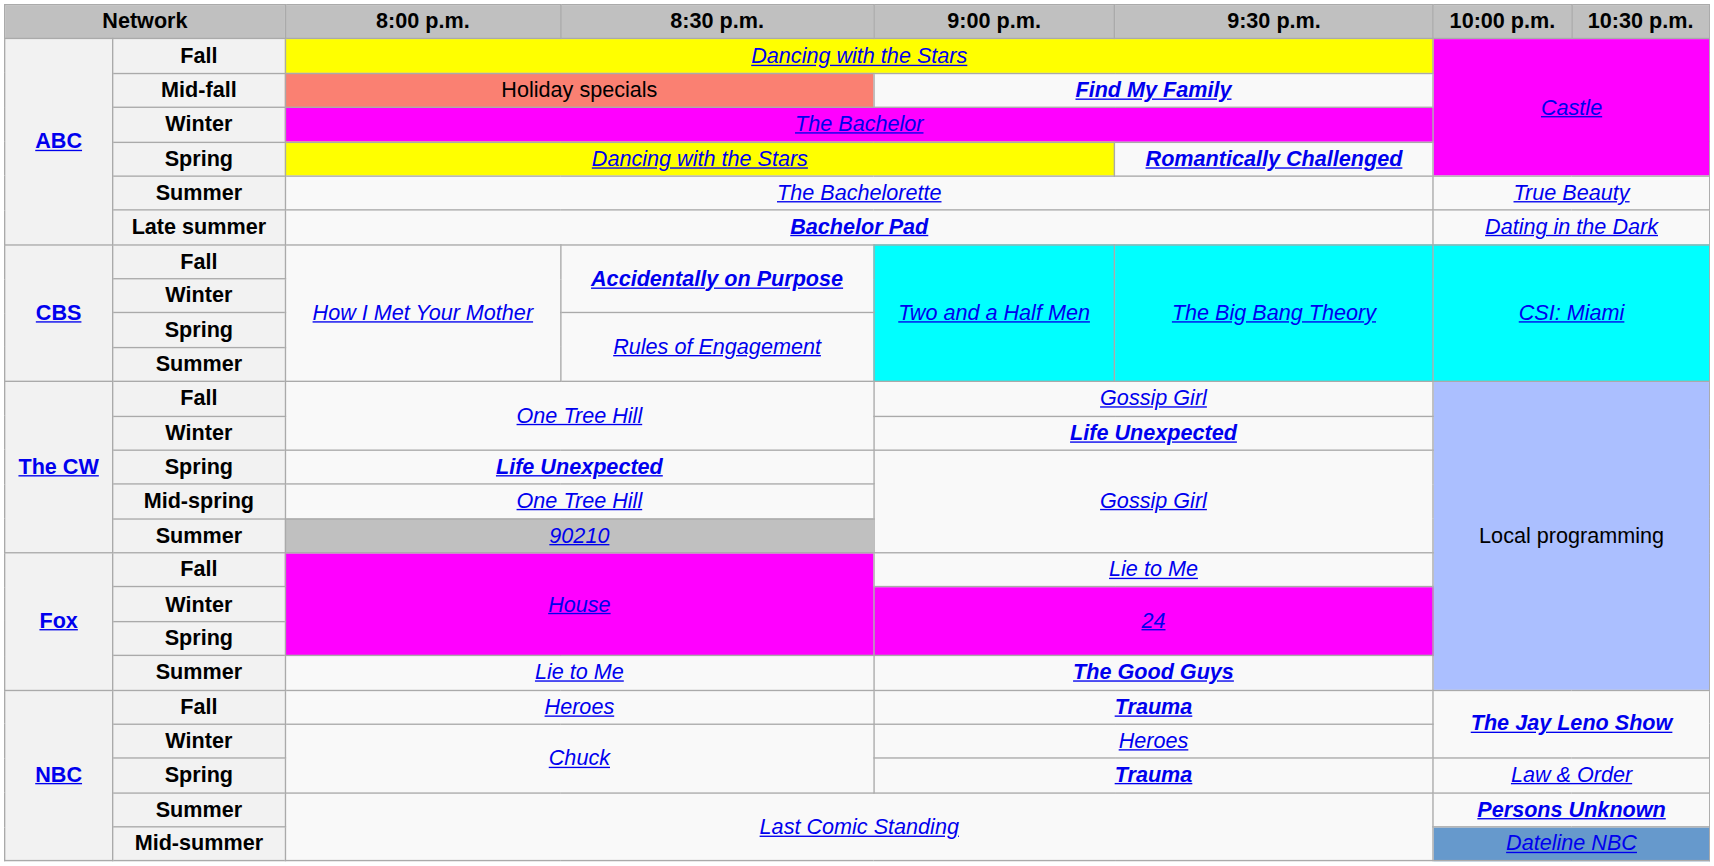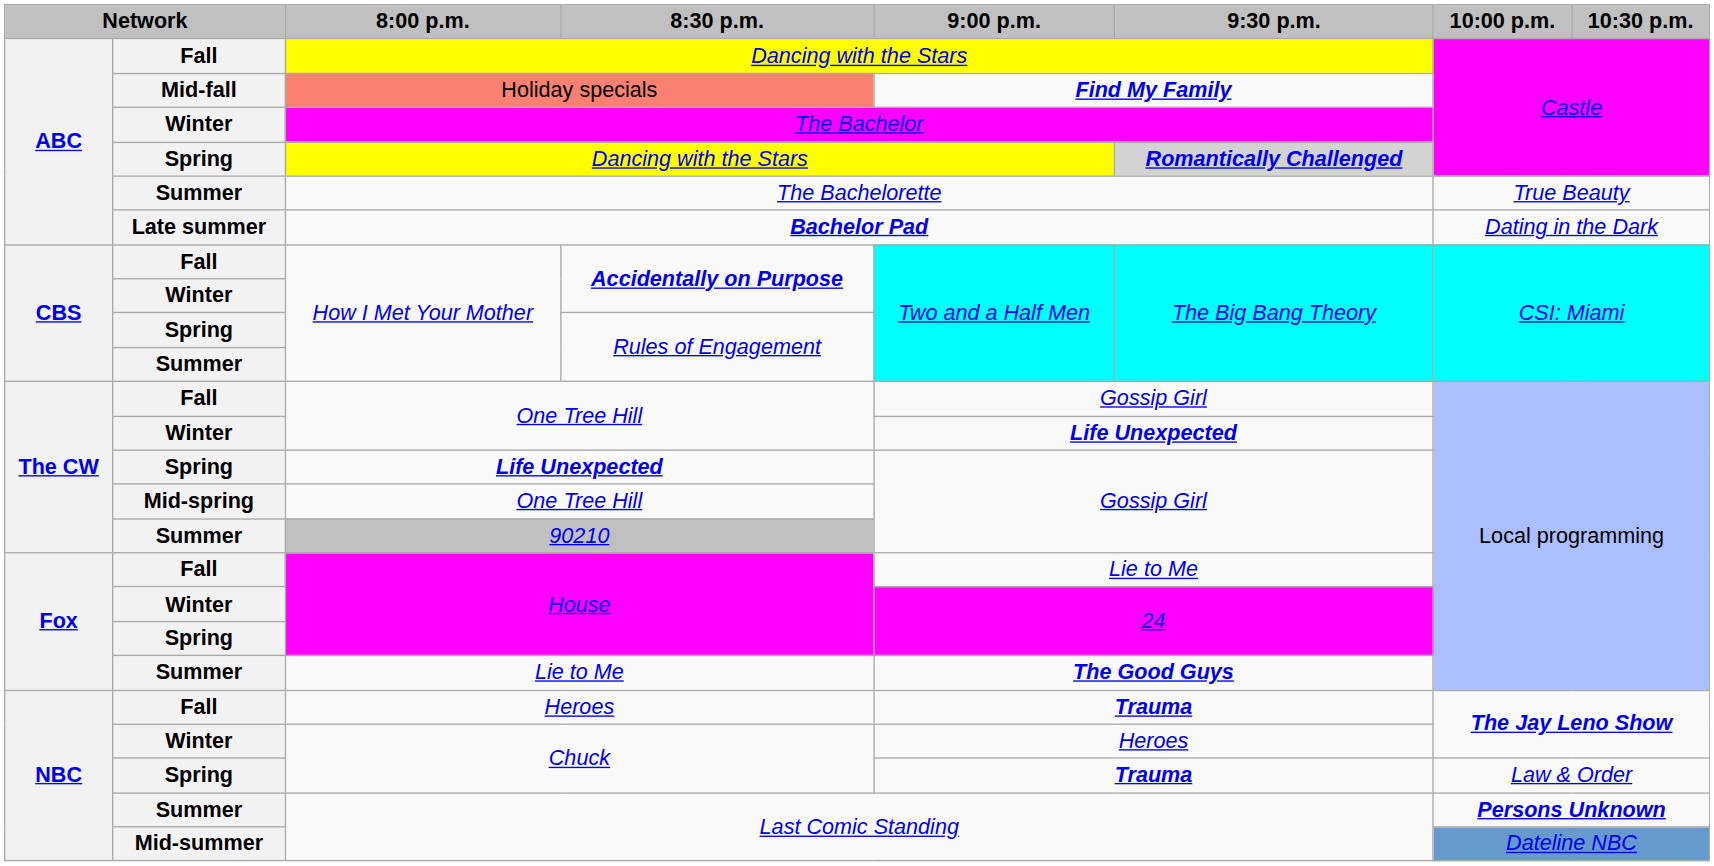 <table class="wikitable" style="width:100%;margin-right:0;text-align:center">
 <tr>
 <th colspan="2" style="background-color:#C0C0C0;text-align:center">Network</th>
 <th style="background-color:#C0C0C0;text-align:center">8:00 p.m.</th>
 <th style="background-color:#C0C0C0;text-align:center">8:30 p.m.</th>
 <th style="background-color:#C0C0C0;text-align:center">9:00 p.m.</th>
 <th style="background-color:#C0C0C0;text-align:center">9:30 p.m.</th>
 <th style="background-color:#C0C0C0;text-align:center">10:00 p.m.</th>
 <th style="background-color:#C0C0C0;text-align:center">10:30 p.m.</th>
 </tr>
 <tr>
 <th rowspan="6"><a href='#'>ABC</a></th>
 <th>Fall</th>
 <td style="background:yellow;" colspan="4"><em><a href='#'>Dancing with the Stars</a></em> </td>
 <td style="background:magenta;" colspan="2" rowspan="4"><em><a href='#'>Castle</a></em> </td>
 </tr>
 <tr>
 <th>Mid-fall</th>
 <td colspan="2" style="background:#FA8072;">Holiday specials</td>
 <td colspan="2"><strong><em><a href='#'>Find My Family</a></em></strong></td>
 </tr>
 <tr>
 <th>Winter</th>
 <td style="background:magenta;" colspan="4"><em><a href='#'>The Bachelor</a></em> </td>
 </tr>
 <tr>
 <th>Spring</th>
 <td style="background:yellow;" colspan="3"><em><a href='#'>Dancing with the Stars</a></em> </td>
-<td><strong><em><a href='#'>Romantically Challenged</a></em></strong></td>
+<td style="background: lightgrey;"><strong><em><a href='#'>Romantically Challenged</a></em></strong></td>
 </tr>
 <tr>
 <th>Summer</th>
 <td colspan="4"><em><a href='#'>The Bachelorette</a></em></td>
 <td colspan="2"><em><a href='#'>True Beauty</a></em></td>
 </tr>
 <tr>
 <th>Late summer</th>
 <td colspan="4"><strong><em><a href='#'>Bachelor Pad</a></em></strong></td>
 <td colspan="2"><em><a href='#'>Dating in the Dark</a></em></td>
 </tr>
 <tr>
 <th rowspan="4"><a href='#'>CBS</a></th>
 <th>Fall</th>
 <td rowspan="4"><em><a href='#'>How I Met Your Mother</a></em></td>
 <td rowspan="2"><strong><em><a href='#'>Accidentally on Purpose</a></em></strong></td>
 <td style="background:cyan;" rowspan="4"><em><a href='#'>Two and a Half Men</a></em> </td>
 <td style="background:cyan;" rowspan="4"><em><a href='#'>The Big Bang Theory</a></em> </td>
 <td style="background:cyan;" colspan="2" rowspan="4"><em><a href='#'>CSI: Miami</a></em> </td>
 </tr>
 <tr>
 <th>Winter</th>
 </tr>
 <tr>
 <th>Spring</th>
 <td rowspan="2"><em><a href='#'>Rules of Engagement</a></em></td>
 </tr>
 <tr>
 <th>Summer</th>
 </tr>
 <tr>
 <th rowspan="5"><a href='#'>The CW</a></th>
 <th>Fall</th>
 <td colspan="2" rowspan="2"><em><a href='#'>One Tree Hill</a></em></td>
 <td colspan="2"><em><a href='#'>Gossip Girl</a></em></td>
 <td style="background:#abbfff;" colspan="2" rowspan="9">Local programming</td>
 </tr>
 <tr>
 <th>Winter</th>
 <td colspan="2"><strong><em><a href='#'>Life Unexpected</a></em></strong></td>
 </tr>
 <tr>
 <th>Spring</th>
 <td colspan="2"><strong><em><a href='#'>Life Unexpected</a></em></strong></td>
 <td colspan="2" rowspan="3"><em><a href='#'>Gossip Girl</a></em></td>
 </tr>
 <tr>
 <th>Mid-spring</th>
 <td colspan="2"><em><a href='#'>One Tree Hill</a></em></td>
 </tr>
 <tr>
 <th>Summer</th>
 <td style="background:#C0C0C0;" colspan="2"><em><a href='#'>90210</a></em> </td>
 </tr>
 <tr>
 <th rowspan="4"><a href='#'>Fox</a></th>
 <th>Fall</th>
 <td style="background:magenta;" colspan="2" rowspan="3"><em><a href='#'>House</a></em> </td>
 <td colspan="2"><em><a href='#'>Lie to Me</a></em></td>
 </tr>
 <tr>
 <th>Winter</th>
 <td style="background:magenta;" colspan="2" rowspan="2"><em><a href='#'>24</a></em> </td>
 </tr>
 <tr>
 <th>Spring</th>
 </tr>
 <tr>
 <th>Summer</th>
 <td colspan="2"><em><a href='#'>Lie to Me</a></em></td>
 <td colspan="2"><strong><em><a href='#'>The Good Guys</a></em></strong></td>
 </tr>
 <tr>
 <th rowspan="5"><a href='#'>NBC</a></th>
 <th>Fall</th>
 <td colspan="2"><em><a href='#'>Heroes</a></em></td>
 <td colspan="2"><strong><em><a href='#'>Trauma</a></em></strong></td>
 <td colspan="2" rowspan="2"><strong><em><a href='#'>The Jay Leno Show</a></em></strong></td>
 </tr>
 <tr>
 <th>Winter</th>
 <td colspan="2" rowspan="2"><em><a href='#'>Chuck</a></em></td>
 <td colspan="2"><em><a href='#'>Heroes</a></em></td>
 </tr>
 <tr>
 <th>Spring</th>
 <td colspan="2"><strong><em><a href='#'>Trauma</a></em></strong></td>
 <td colspan="2"><em><a href='#'>Law & Order</a></em></td>
 </tr>
 <tr>
 <th>Summer</th>
 <td colspan="4" rowspan="2"><em><a href='#'>Last Comic Standing</a></em></td>
 <td colspan="2"><strong><em><a href='#'>Persons Unknown</a></em></strong></td>
 </tr>
 <tr>
 <th>Mid-summer</th>
 <td style="background:#6699CC;" colspan="2"><em><a href='#'>Dateline NBC</a></em></td>
 </tr>
 </table>
